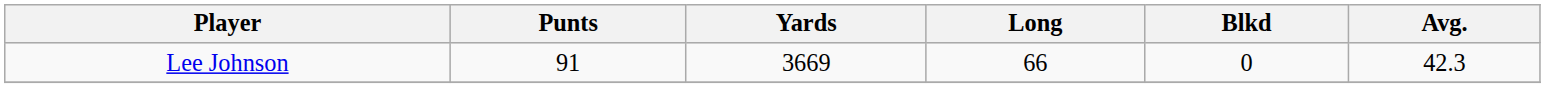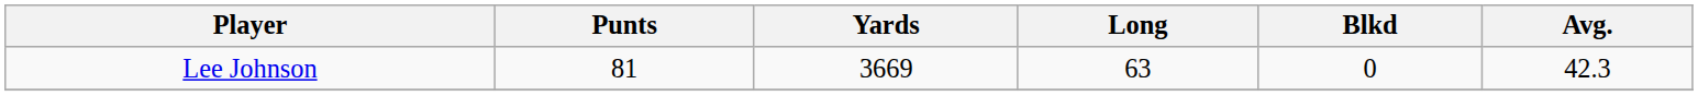 <table class="wikitable" style="text-align:center;" width="80%">
 <tr>
 <th>Player</th>
 <th>Punts</th>
 <th>Yards</th>
 <th>Long</th>
 <th>Blkd</th>
 <th>Avg.</th>
 </tr>
 <tr>
 <td><a href='#'>Lee Johnson</a></td>
-<td>91</td>
+<td>81</td>
 <td>3669</td>
-<td>66</td>
+<td>63</td>
 <td>0</td>
 <td>42.3</td>
 </tr>
 <tr>
 </tr>
 </table>
